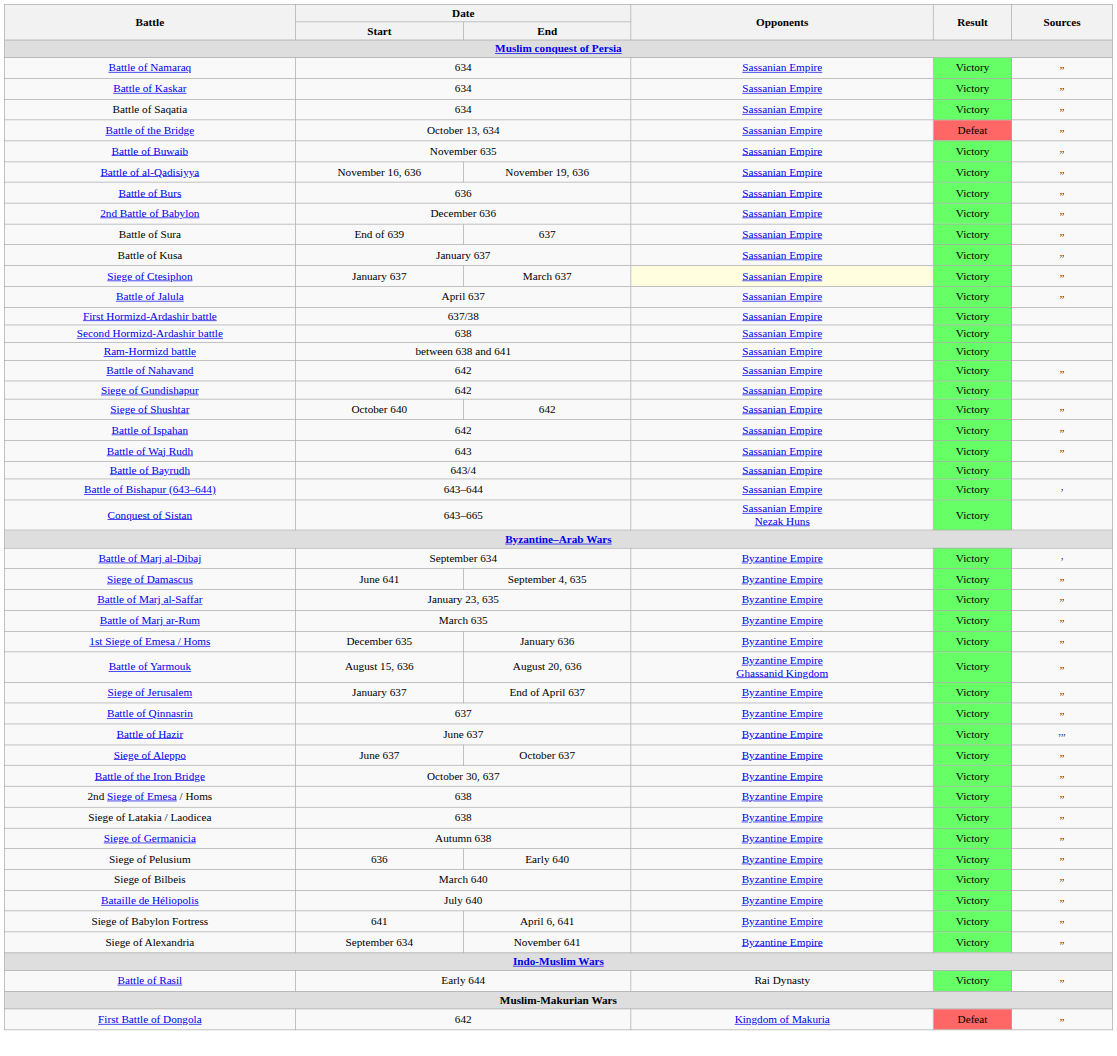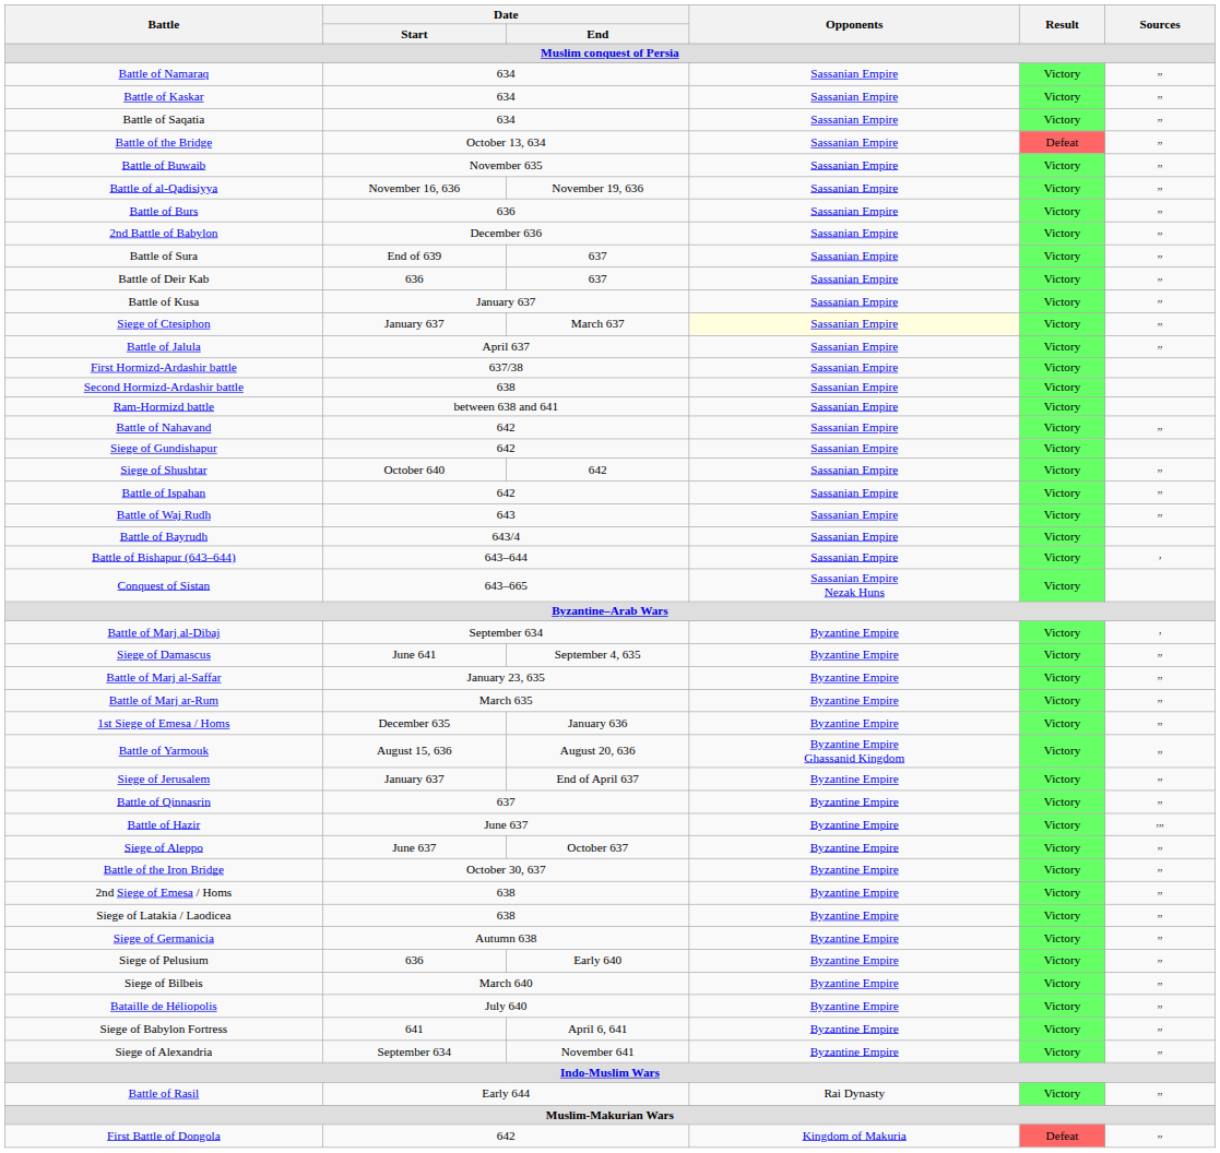 <table width=100% class="wikitable">
 <tr>
 <th rowspan="2" width=26%>Battle</th>
 <th colspan="2" width=30%>Date</th>
 <th rowspan="2" width=27%>Opponents</th>
 <th rowspan="2" width=7%>Result</th>
 <th rowspan="2" width=9%>Sources</th>
 </tr>
 <tr>
 <th width=15%>Start</th>
 <th width=15%>End</th>
 </tr>
 <tr>
 <td colspan="6" align="center" bgcolor="#DEDEDE"><strong><a href='#'>Muslim conquest of Persia</a></strong></td>
 </tr>
 <tr>
 <td align="center"><a href='#'>Battle of Namaraq</a></td>
 <td colspan="2" align="center">634</td>
 <td align="center"> <a href='#'>Sassanian Empire</a></td>
 <td align="center" style="background:#66FF66">Victory</td>
 <td align="center"><sup>,</sup><sup>,</sup></td>
 </tr>
 <tr>
 <td align="center"><a href='#'>Battle of Kaskar</a></td>
 <td colspan="2" align="center">634</td>
 <td align="center"> <a href='#'>Sassanian Empire</a></td>
 <td align="center" style="background:#66FF66">Victory</td>
 <td align="center"><sup>,</sup><sup>,</sup></td>
 </tr>
 <tr>
 <td align="center">Battle of Saqatia</td>
 <td colspan="2" align="center">634</td>
 <td align="center"> <a href='#'>Sassanian Empire</a></td>
 <td align="center" style="background:#66FF66">Victory</td>
 <td align="center"><sup>,</sup><sup>,</sup></td>
 </tr>
 <tr>
 <td align="center"><a href='#'>Battle of the Bridge</a></td>
 <td colspan="2" align="center">October 13, 634</td>
 <td align="center"> <a href='#'>Sassanian Empire</a></td>
 <td align="center" style="background:#FF6666">Defeat</td>
 <td align="center"><sup>,</sup><sup>,</sup></td>
 </tr>
 <tr>
 <td align="center"><a href='#'>Battle of Buwaib</a></td>
 <td colspan="2" align="center">November 635</td>
 <td align="center"> <a href='#'>Sassanian Empire</a></td>
 <td align="center" style="background:#66FF66">Victory</td>
 <td align="center"><sup>,</sup><sup>,</sup></td>
 </tr>
 <tr>
 <td align="center"><a href='#'>Battle of al-Qadisiyya</a></td>
 <td align="center">November 16, 636</td>
 <td align="center">November 19, 636</td>
 <td align="center"> <a href='#'>Sassanian Empire</a></td>
 <td align="center" style="background:#66FF66">Victory</td>
 <td align="center"><sup>,</sup><sup>,</sup></td>
 </tr>
 <tr>
 <td align="center"><a href='#'>Battle of Burs</a></td>
 <td colspan="2" align="center">636</td>
 <td align="center"> <a href='#'>Sassanian Empire</a></td>
 <td align="center" style="background:#66FF66">Victory</td>
 <td align="center"><sup>,</sup><sup>,</sup></td>
 </tr>
 <tr>
 <td align="center"><a href='#'>2nd Battle of Babylon</a></td>
 <td colspan="2" align="center">December 636</td>
 <td align="center"> <a href='#'>Sassanian Empire</a></td>
 <td align="center" style="background:#66FF66">Victory</td>
 <td align="center"><sup>,</sup><sup>,</sup></td>
 </tr>
 <tr>
 <td align="center">Battle of Sura</td>
 <td align="center">End of 639</td>
+<td align="center">637</td>
+<td align="center"> <a href='#'>Sassanian Empire</a></td>
+<td align="center" style="background:#66FF66">Victory</td>
+<td align="center"><sup>,</sup><sup>,</sup></td>
+</tr>
+<tr>
+<td align="center">Battle of Deir Kab</td>
+<td align="center">636</td>
 <td align="center">637</td>
 <td align="center"> <a href='#'>Sassanian Empire</a></td>
 <td align="center" style="background:#66FF66">Victory</td>
 <td align="center"><sup>,</sup><sup>,</sup></td>
 </tr>
 <tr>
 <td align="center">Battle of Kusa</td>
 <td colspan="2" align="center">January 637</td>
 <td align="center"> <a href='#'>Sassanian Empire</a></td>
 <td align="center" style="background:#66FF66">Victory</td>
 <td align="center"><sup>,</sup><sup>,</sup></td>
 </tr>
 <tr>
 <td align="center"><a href='#'>Siege of Ctesiphon</a></td>
 <td align="center">January 637</td>
 <td align="center">March 637</td>
 <td align="center" style="background: lightyellow;"> <a href='#'>Sassanian Empire</a></td>
 <td align="center" style="background:#66FF66">Victory</td>
 <td align="center"><sup>,</sup><sup>,</sup></td>
 </tr>
 <tr>
 <td align="center"><a href='#'>Battle of Jalula</a></td>
 <td colspan="2" align="center">April 637</td>
 <td align="center"> <a href='#'>Sassanian Empire</a></td>
 <td align="center" style="background:#66FF66">Victory</td>
 <td align="center"><sup>,</sup><sup>,</sup></td>
 </tr>
 <tr>
 <td align="center"><a href='#'>First Hormizd-Ardashir battle</a></td>
 <td colspan="2" align="center">637/38</td>
 <td align="center"> <a href='#'>Sassanian Empire</a></td>
 <td align="center" style="background:#66FF66">Victory</td>
 <td align="center"></td>
 </tr>
 <tr>
 <td align="center"><a href='#'>Second Hormizd-Ardashir battle</a></td>
 <td colspan="2" align="center">638</td>
 <td align="center"> <a href='#'>Sassanian Empire</a></td>
 <td align="center" style="background:#66FF66">Victory</td>
 <td align="center"></td>
 </tr>
 <tr>
 <td align="center"><a href='#'>Ram-Hormizd battle</a></td>
 <td colspan="2" align="center">between 638 and 641</td>
 <td align="center"> <a href='#'>Sassanian Empire</a></td>
 <td align="center" style="background:#66FF66">Victory</td>
 <td align="center"></td>
 </tr>
 <tr>
 <td align="center"><a href='#'>Battle of Nahavand</a></td>
 <td colspan="2" align="center">642</td>
 <td align="center"> <a href='#'>Sassanian Empire</a></td>
 <td align="center" style="background:#66FF66">Victory</td>
 <td align="center"><sup>,</sup><sup>,</sup></td>
 </tr>
 <tr>
 <td align="center"><a href='#'>Siege of Gundishapur</a></td>
 <td colspan="2" align="center">642</td>
 <td align="center"> <a href='#'>Sassanian Empire</a></td>
 <td align="center" style="background:#66FF66">Victory</td>
 <td align="center"></td>
 </tr>
 <tr>
 <td align="center"><a href='#'>Siege of Shushtar</a></td>
 <td align="center">October 640</td>
 <td align="center">642</td>
 <td align="center"> <a href='#'>Sassanian Empire</a></td>
 <td align="center" style="background:#66FF66">Victory</td>
 <td align="center"><sup>,</sup><sup>,</sup></td>
 </tr>
 <tr>
 <td align="center"><a href='#'>Battle of Ispahan</a></td>
 <td colspan="2" align="center">642</td>
 <td align="center"> <a href='#'>Sassanian Empire</a></td>
 <td align="center" style="background:#66FF66">Victory</td>
 <td align="center"><sup>,</sup><sup>,</sup></td>
 </tr>
 <tr>
 <td align="center"><a href='#'>Battle of Waj Rudh</a></td>
 <td colspan="2" align="center">643</td>
 <td align="center"> <a href='#'>Sassanian Empire</a></td>
 <td align="center" style="background:#66FF66">Victory</td>
 <td align="center"><sup>,</sup><sup>,</sup></td>
 </tr>
 <tr>
 <td align="center"><a href='#'>Battle of Bayrudh</a></td>
 <td colspan="2" align="center">643/4</td>
 <td align="center"> <a href='#'>Sassanian Empire</a></td>
 <td align="center" style="background:#66FF66">Victory</td>
 <td align="center"></td>
 </tr>
 <tr>
 <td align="center"><a href='#'>Battle of Bishapur (643–644)</a></td>
 <td colspan="2" align="center">643–644</td>
 <td align="center"> <a href='#'>Sassanian Empire</a></td>
 <td align="center" style="background:#66FF66">Victory</td>
 <td align="center"><sup>,</sup></td>
 </tr>
 <tr>
 <td align="center"><a href='#'>Conquest of Sistan</a></td>
 <td colspan="2" align="center">643–665</td>
 <td align="center"> <a href='#'>Sassanian Empire</a><br> <a href='#'>Nezak Huns</a></td>
 <td align="center" style="background:#66FF66">Victory</td>
 <td align="center"></td>
 </tr>
 <tr>
 <td colspan="6" align="center" bgcolor="#DEDEDE"><strong><a href='#'>Byzantine–Arab Wars</a></strong></td>
 </tr>
 <tr>
 <td align="center"><a href='#'>Battle of Marj al-Dibaj</a></td>
 <td colspan="2" align="center">September 634</td>
 <td align="center"> <a href='#'>Byzantine Empire</a></td>
 <td align="center" style="background:#66FF66">Victory</td>
 <td align="center"><sup>,</sup></td>
 </tr>
 <tr>
 <td align="center"><a href='#'>Siege of Damascus</a></td>
 <td align="center">June 641</td>
 <td align="center">September 4, 635</td>
 <td align="center"> <a href='#'>Byzantine Empire</a></td>
 <td align="center" style="background:#66FF66">Victory</td>
 <td align="center"><sup>,</sup><sup>,</sup></td>
 </tr>
 <tr>
 <td align="center"><a href='#'>Battle of Marj al-Saffar</a></td>
 <td colspan="2" align="center">January 23, 635</td>
 <td align="center"> <a href='#'>Byzantine Empire</a></td>
 <td align="center" style="background:#66FF66">Victory</td>
 <td align="center"><sup>,</sup><sup>,</sup></td>
 </tr>
 <tr>
 <td align="center"><a href='#'>Battle of Marj ar-Rum</a></td>
 <td colspan="2" align="center">March 635</td>
 <td align="center"> <a href='#'>Byzantine Empire</a></td>
 <td align="center" style="background:#66FF66">Victory</td>
 <td align="center"><sup>,</sup><sup>,</sup></td>
 </tr>
 <tr>
 <td align="center"><a href='#'>1st Siege of Emesa / Homs</a></td>
 <td align="center">December 635</td>
 <td align="center">January 636</td>
 <td align="center"> <a href='#'>Byzantine Empire</a></td>
 <td align="center" style="background:#66FF66">Victory</td>
 <td align="center"><sup>,</sup><sup>,</sup></td>
 </tr>
 <tr>
 <td align="center"><a href='#'>Battle of Yarmouk</a></td>
 <td align="center">August 15, 636</td>
 <td align="center">August 20, 636</td>
 <td align="center"> <a href='#'>Byzantine Empire</a> <br> <a href='#'>Ghassanid Kingdom</a></td>
 <td align="center" style="background:#66FF66">Victory</td>
 <td align="center"><sup>,</sup><sup>,</sup></td>
 </tr>
 <tr>
 <td align="center"><a href='#'>Siege of Jerusalem</a></td>
 <td align="center">January 637</td>
 <td align="center">End of April 637</td>
 <td align="center"> <a href='#'>Byzantine Empire</a></td>
 <td align="center" style="background:#66FF66">Victory</td>
 <td align="center"><sup>,</sup><sup>,</sup></td>
 </tr>
 <tr>
 <td align="center"><a href='#'>Battle of Qinnasrin</a></td>
 <td colspan="2" align="center">637</td>
 <td align="center"> <a href='#'>Byzantine Empire</a></td>
 <td align="center" style="background:#66FF66">Victory</td>
 <td align="center"><sup>,</sup><sup>,</sup></td>
 </tr>
 <tr>
 <td align="center"><a href='#'>Battle of Hazir</a></td>
 <td colspan="2" align="center">June 637</td>
 <td align="center"> <a href='#'>Byzantine Empire</a></td>
 <td align="center" style="background:#66FF66">Victory</td>
 <td align="center"><sup>,</sup><sup>,</sup><sup>,</sup></td>
 </tr>
 <tr>
 <td align="center"><a href='#'>Siege of Aleppo</a></td>
 <td align="center">June 637</td>
 <td align="center">October 637</td>
 <td align="center"> <a href='#'>Byzantine Empire</a></td>
 <td align="center" style="background:#66FF66">Victory</td>
 <td align="center"><sup>,</sup><sup>,</sup></td>
 </tr>
 <tr>
 <td align="center"><a href='#'>Battle of the Iron Bridge</a></td>
 <td colspan="2" align="center">October 30, 637</td>
 <td align="center"> <a href='#'>Byzantine Empire</a></td>
 <td align="center" style="background:#66FF66">Victory</td>
 <td align="center"><sup>,</sup><sup>,</sup></td>
 </tr>
 <tr>
 <td align="center">2nd <a href='#'>Siege of Emesa</a> / Homs</td>
 <td colspan="2" align="center">638</td>
 <td align="center"> <a href='#'>Byzantine Empire</a></td>
 <td align="center" style="background:#66FF66">Victory</td>
 <td align="center"><sup>,</sup><sup>,</sup></td>
 </tr>
 <tr>
 <td align="center">Siege of Latakia / Laodicea</td>
 <td colspan="2" align="center">638</td>
 <td align="center"> <a href='#'>Byzantine Empire</a></td>
 <td align="center" style="background:#66FF66">Victory</td>
 <td align="center"><sup>,</sup><sup>,</sup></td>
 </tr>
 <tr>
 <td align="center"><a href='#'>Siege of Germanicia</a></td>
 <td colspan="2" align="center">Autumn 638</td>
 <td align="center"> <a href='#'>Byzantine Empire</a></td>
 <td align="center" style="background:#66FF66">Victory</td>
 <td align="center"><sup>,</sup><sup>,</sup></td>
 </tr>
 <tr>
 <td align="center">Siege of Pelusium</td>
 <td align="center">636</td>
 <td align="center">Early 640</td>
 <td align="center"> <a href='#'>Byzantine Empire</a></td>
 <td align="center" style="background:#66FF66">Victory</td>
 <td align="center"><sup>,</sup><sup>,</sup></td>
 </tr>
 <tr>
 <td align="center">Siege of Bilbeis</td>
 <td colspan="2" align="center">March 640</td>
 <td align="center"> <a href='#'>Byzantine Empire</a></td>
 <td align="center" style="background:#66FF66">Victory</td>
 <td align="center"><sup>,</sup><sup>,</sup></td>
 </tr>
 <tr>
 <td align="center"><a href='#'>Bataille de Héliopolis</a></td>
 <td colspan="2" align="center">July 640</td>
 <td align="center"> <a href='#'>Byzantine Empire</a></td>
 <td align="center" style="background:#66FF66">Victory</td>
 <td align="center"><sup>,</sup><sup>,</sup></td>
 </tr>
 <tr>
 <td align="center">Siege of Babylon Fortress</td>
 <td align="center">641</td>
 <td align="center">April 6, 641</td>
 <td align="center"> <a href='#'>Byzantine Empire</a></td>
 <td align="center" style="background:#66FF66">Victory</td>
 <td align="center"><sup>,</sup><sup>,</sup></td>
 </tr>
 <tr>
 <td align="center">Siege of Alexandria</td>
 <td align="center">September 634</td>
 <td align="center">November 641</td>
 <td align="center"> <a href='#'>Byzantine Empire</a></td>
 <td align="center" style="background:#66FF66">Victory</td>
 <td align="center"><sup>,</sup><sup>,</sup></td>
 </tr>
 <tr>
 <td colspan="6" align="center" bgcolor="#DEDEDE"><strong><a href='#'>Indo-Muslim Wars</a></strong></td>
 </tr>
 <tr>
 <td align="center"><a href='#'>Battle of Rasil</a></td>
 <td colspan="2" align="center">Early 644</td>
 <td align="center">Rai Dynasty</td>
 <td align="center" style="background:#66FF66">Victory</td>
 <td align="center"><sup>,</sup><sup>,</sup></td>
 </tr>
 <tr>
 <td colspan="6" align="center" bgcolor="#DEDEDE"><strong>Muslim-Makurian Wars</strong></td>
 </tr>
 <tr>
 <td align="center"><a href='#'>First Battle of Dongola</a></td>
 <td colspan="2" align="center">642</td>
 <td align="center"> <a href='#'>Kingdom of Makuria</a></td>
 <td align="center" style="background:#FF6666">Defeat</td>
 <td align="center"><sup>,</sup><sup>,</sup></td>
 </tr>
 </table>
